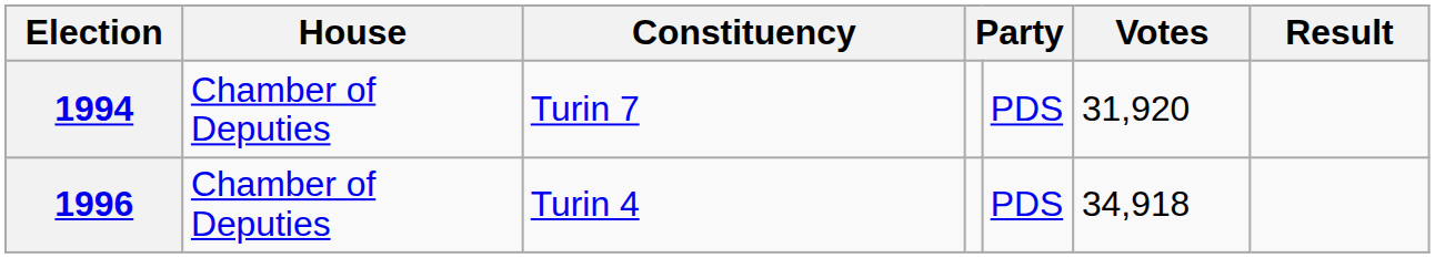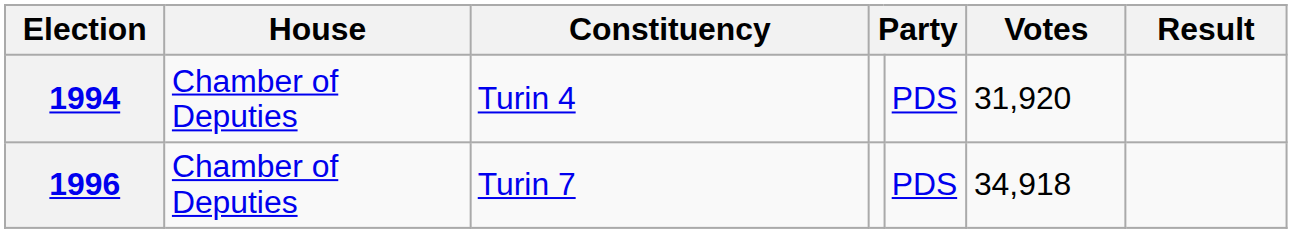 <table class=wikitable style="width:51%; border:1px #AAAAFF solid">
 <tr>
 <th width=12%>Election</th>
 <th width=23%>House</th>
 <th width=30%>Constituency</th>
 <th width=5% colspan="2">Party</th>
 <th width=12%>Votes</th>
 <th width=12%>Result</th>
 </tr>
 <tr>
 <th><a href='#'>1994</a></th>
 <td><a href='#'>Chamber of Deputies</a></td>
-<td><a href='#'>Turin 7</a></td>
+<td><a href='#'>Turin 4</a></td>
 <td></td>
 <td><a href='#'>PDS</a></td>
 <td>31,920</td>
 <td></td>
 </tr>
 <tr>
 <th><a href='#'>1996</a></th>
 <td><a href='#'>Chamber of Deputies</a></td>
-<td><a href='#'>Turin 4</a></td>
+<td><a href='#'>Turin 7</a></td>
 <td></td>
 <td><a href='#'>PDS</a></td>
 <td>34,918</td>
 <td></td>
 </tr>
 </table>
